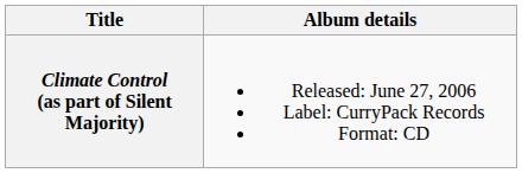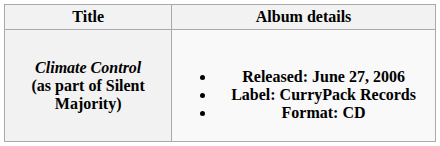 <table class="wikitable plainrowheaders" style="text-align:center;">
 <tr>
 <th scope="col" style="width:10em;">Title</th>
 <th scope="col" style="width:16em;">Album details</th>
 </tr>
 <tr>
 <th scope="row"><em>Climate Control</em><br><span>(as part of Silent Majority)</span></th>
-<td><br><ul><li>Released: June 27, 2006</li><li>Label: CurryPack Records</li><li>Format: CD</li></ul></td>
+<td><strong><br><ul><li>Released: June 27, 2006</li><li>Label: CurryPack Records</li><li>Format: CD</li></ul></strong></td>
 </tr>
 <tr>
 </tr>
 </table>
